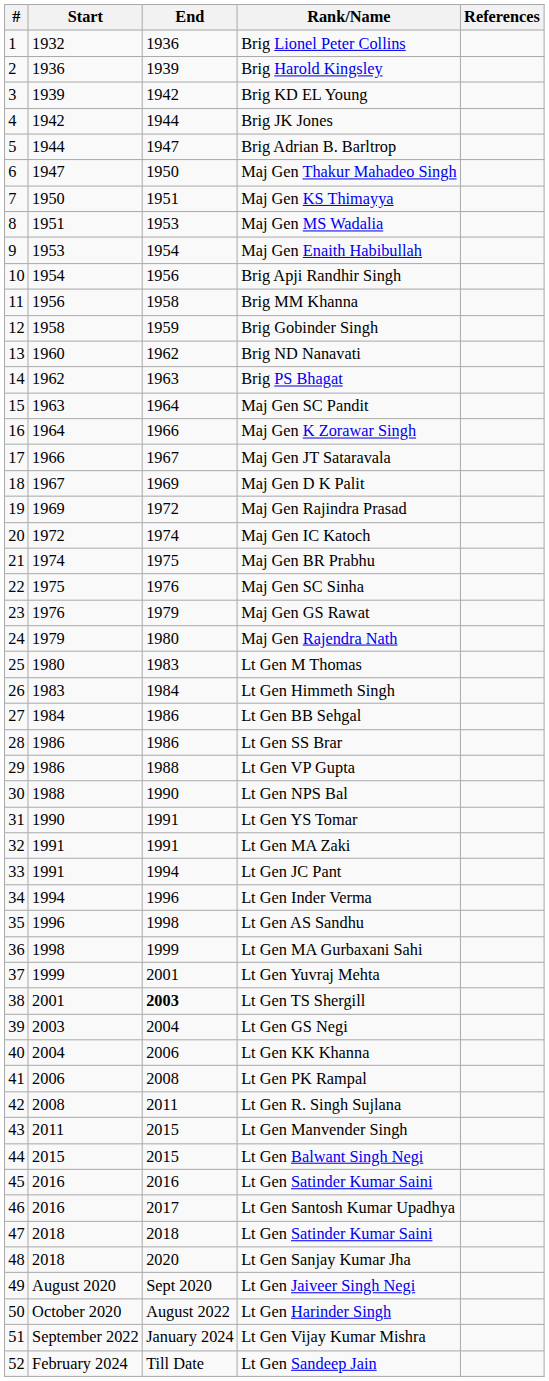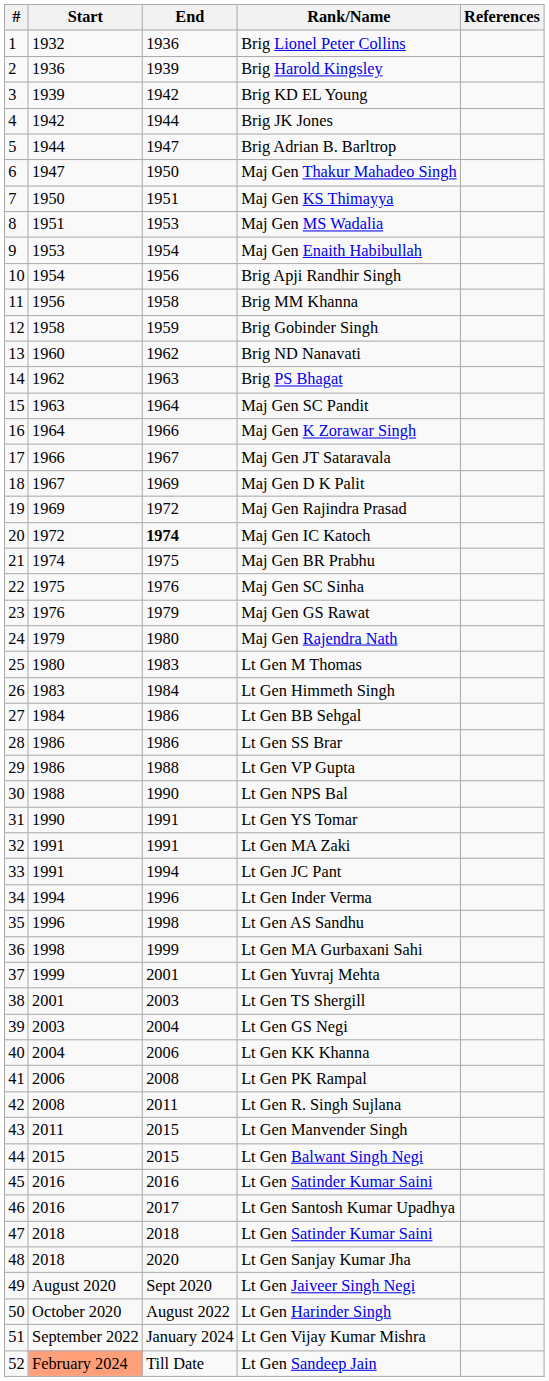 <table class="wikitable">
 <tr>
 <th>#</th>
 <th>Start</th>
 <th>End</th>
 <th>Rank/Name</th>
 <th>References</th>
 </tr>
 <tr>
 <td>1</td>
 <td>1932</td>
 <td>1936</td>
 <td>Brig <a href='#'>Lionel Peter Collins</a></td>
 <td></td>
 </tr>
 <tr>
 <td>2</td>
 <td>1936</td>
 <td>1939</td>
 <td>Brig <a href='#'>Harold Kingsley</a></td>
 <td></td>
 </tr>
 <tr>
 <td>3</td>
 <td>1939</td>
 <td>1942</td>
 <td>Brig KD EL Young</td>
 <td></td>
 </tr>
 <tr>
 <td>4</td>
 <td>1942</td>
 <td>1944</td>
 <td>Brig JK Jones</td>
 <td></td>
 </tr>
 <tr>
 <td>5</td>
 <td>1944</td>
 <td>1947</td>
 <td>Brig Adrian B. Barltrop</td>
 <td></td>
 </tr>
 <tr>
 <td>6</td>
 <td>1947</td>
 <td>1950</td>
 <td>Maj Gen <a href='#'>Thakur Mahadeo Singh</a></td>
 <td></td>
 </tr>
 <tr>
 <td>7</td>
 <td>1950</td>
 <td>1951</td>
 <td>Maj Gen <a href='#'>KS Thimayya</a></td>
 <td></td>
 </tr>
 <tr>
 <td>8</td>
 <td>1951</td>
 <td>1953</td>
 <td>Maj Gen <a href='#'>MS Wadalia</a></td>
 <td></td>
 </tr>
 <tr>
 <td>9</td>
 <td>1953</td>
 <td>1954</td>
 <td>Maj Gen <a href='#'>Enaith Habibullah</a></td>
 <td></td>
 </tr>
 <tr>
 <td>10</td>
 <td>1954</td>
 <td>1956</td>
 <td>Brig Apji Randhir Singh</td>
 <td></td>
 </tr>
 <tr>
 <td>11</td>
 <td>1956</td>
 <td>1958</td>
 <td>Brig MM Khanna</td>
 <td></td>
 </tr>
 <tr>
 <td>12</td>
 <td>1958</td>
 <td>1959</td>
 <td>Brig Gobinder Singh</td>
 <td></td>
 </tr>
 <tr>
 <td>13</td>
 <td>1960</td>
 <td>1962</td>
 <td>Brig ND Nanavati</td>
 <td></td>
 </tr>
 <tr>
 <td>14</td>
 <td>1962</td>
 <td>1963</td>
 <td>Brig <a href='#'>PS Bhagat</a></td>
 <td></td>
 </tr>
 <tr>
 <td>15</td>
 <td>1963</td>
 <td>1964</td>
 <td>Maj Gen SC Pandit</td>
 <td></td>
 </tr>
 <tr>
 <td>16</td>
 <td>1964</td>
 <td>1966</td>
 <td>Maj Gen <a href='#'>K Zorawar Singh</a></td>
 <td></td>
 </tr>
 <tr>
 <td>17</td>
 <td>1966</td>
 <td>1967</td>
 <td>Maj Gen JT Sataravala</td>
 <td></td>
 </tr>
 <tr>
 <td>18</td>
 <td>1967</td>
 <td>1969</td>
 <td>Maj Gen D K Palit</td>
 <td></td>
 </tr>
 <tr>
 <td>19</td>
 <td>1969</td>
 <td>1972</td>
 <td>Maj Gen Rajindra Prasad</td>
 <td></td>
 </tr>
 <tr>
 <td>20</td>
 <td>1972</td>
-<td>1974</td>
+<td><strong>1974</strong></td>
 <td>Maj Gen IC Katoch</td>
 <td></td>
 </tr>
 <tr>
 <td>21</td>
 <td>1974</td>
 <td>1975</td>
 <td>Maj Gen BR Prabhu</td>
 <td></td>
 </tr>
 <tr>
 <td>22</td>
 <td>1975</td>
 <td>1976</td>
 <td>Maj Gen SC Sinha</td>
 <td></td>
 </tr>
 <tr>
 <td>23</td>
 <td>1976</td>
 <td>1979</td>
 <td>Maj Gen GS Rawat</td>
 <td></td>
 </tr>
 <tr>
 <td>24</td>
 <td>1979</td>
 <td>1980</td>
 <td>Maj Gen <a href='#'>Rajendra Nath</a></td>
 <td></td>
 </tr>
 <tr>
 <td>25</td>
 <td>1980</td>
 <td>1983</td>
 <td>Lt Gen M Thomas</td>
 <td></td>
 </tr>
 <tr>
 <td>26</td>
 <td>1983</td>
 <td>1984</td>
 <td>Lt Gen Himmeth Singh</td>
 <td></td>
 </tr>
 <tr>
 <td>27</td>
 <td>1984</td>
 <td>1986</td>
 <td>Lt Gen BB Sehgal</td>
 <td></td>
 </tr>
 <tr>
 <td>28</td>
 <td>1986</td>
 <td>1986</td>
 <td>Lt Gen SS Brar</td>
 <td></td>
 </tr>
 <tr>
 <td>29</td>
 <td>1986</td>
 <td>1988</td>
 <td>Lt Gen VP Gupta</td>
 <td></td>
 </tr>
 <tr>
 <td>30</td>
 <td>1988</td>
 <td>1990</td>
 <td>Lt Gen NPS Bal</td>
 <td></td>
 </tr>
 <tr>
 <td>31</td>
 <td>1990</td>
 <td>1991</td>
 <td>Lt Gen YS Tomar</td>
 <td></td>
 </tr>
 <tr>
 <td>32</td>
 <td>1991</td>
 <td>1991</td>
 <td>Lt Gen MA Zaki</td>
 <td></td>
 </tr>
 <tr>
 <td>33</td>
 <td>1991</td>
 <td>1994</td>
 <td>Lt Gen JC Pant</td>
 <td></td>
 </tr>
 <tr>
 <td>34</td>
 <td>1994</td>
 <td>1996</td>
 <td>Lt Gen Inder Verma</td>
 <td></td>
 </tr>
 <tr>
 <td>35</td>
 <td>1996</td>
 <td>1998</td>
 <td>Lt Gen AS Sandhu</td>
 <td></td>
 </tr>
 <tr>
 <td>36</td>
 <td>1998</td>
 <td>1999</td>
 <td>Lt Gen MA Gurbaxani Sahi</td>
 <td></td>
 </tr>
 <tr>
 <td>37</td>
 <td>1999</td>
 <td>2001</td>
 <td>Lt Gen Yuvraj Mehta</td>
 <td></td>
 </tr>
 <tr>
 <td>38</td>
 <td>2001</td>
-<td><strong>2003</strong></td>
+<td>2003</td>
 <td>Lt Gen TS Shergill</td>
 <td></td>
 </tr>
 <tr>
 <td>39</td>
 <td>2003</td>
 <td>2004</td>
 <td>Lt Gen GS Negi</td>
 <td></td>
 </tr>
 <tr>
 <td>40</td>
 <td>2004</td>
 <td>2006</td>
 <td>Lt Gen KK Khanna</td>
 <td></td>
 </tr>
 <tr>
 <td>41</td>
 <td>2006</td>
 <td>2008</td>
 <td>Lt Gen PK Rampal</td>
 <td></td>
 </tr>
 <tr>
 <td>42</td>
 <td>2008</td>
 <td>2011</td>
 <td>Lt Gen R. Singh Sujlana</td>
 <td></td>
 </tr>
 <tr>
 <td>43</td>
 <td>2011</td>
 <td>2015</td>
 <td>Lt Gen Manvender Singh</td>
 <td></td>
 </tr>
 <tr>
 <td>44</td>
 <td>2015</td>
 <td>2015</td>
 <td>Lt Gen <a href='#'>Balwant Singh Negi</a></td>
 <td></td>
 </tr>
 <tr>
 <td>45</td>
 <td>2016</td>
 <td>2016</td>
 <td>Lt Gen <a href='#'>Satinder Kumar Saini</a></td>
 <td></td>
 </tr>
 <tr>
 <td>46</td>
 <td>2016</td>
 <td>2017</td>
 <td>Lt Gen Santosh Kumar Upadhya</td>
 <td></td>
 </tr>
 <tr>
 <td>47</td>
 <td>2018</td>
 <td>2018</td>
 <td>Lt Gen <a href='#'>Satinder Kumar Saini</a></td>
 <td></td>
 </tr>
 <tr>
 <td>48</td>
 <td>2018</td>
 <td>2020</td>
 <td>Lt Gen Sanjay Kumar Jha</td>
 <td></td>
 </tr>
 <tr>
 <td>49</td>
 <td>August 2020</td>
 <td>Sept 2020</td>
 <td>Lt Gen <a href='#'>Jaiveer Singh Negi</a></td>
 <td></td>
 </tr>
 <tr>
 <td>50</td>
 <td>October 2020</td>
 <td>August 2022</td>
 <td>Lt Gen <a href='#'>Harinder Singh</a></td>
 <td></td>
 </tr>
 <tr>
 <td>51</td>
 <td>September 2022</td>
 <td>January 2024</td>
 <td>Lt Gen Vijay Kumar Mishra</td>
 <td></td>
 </tr>
 <tr>
 <td>52</td>
-<td>February 2024</td>
+<td style="background: lightsalmon;">February 2024</td>
 <td>Till Date</td>
 <td>Lt Gen <a href='#'>Sandeep Jain</a></td>
 <td></td>
 </tr>
 </table>
